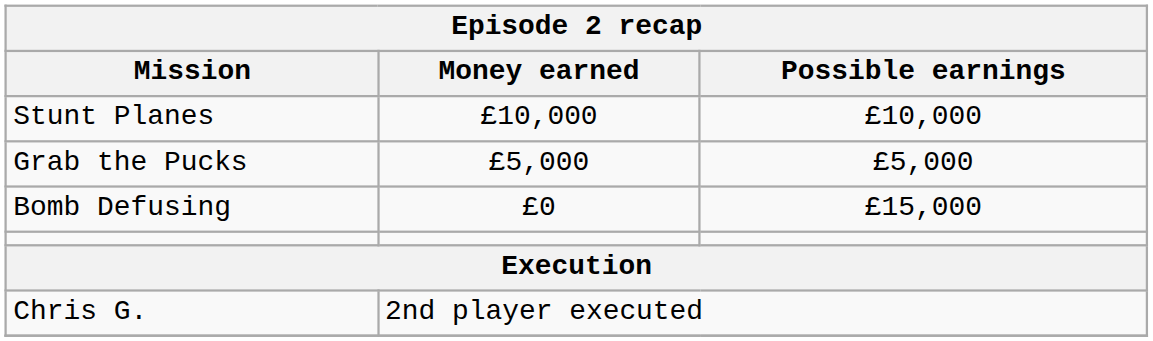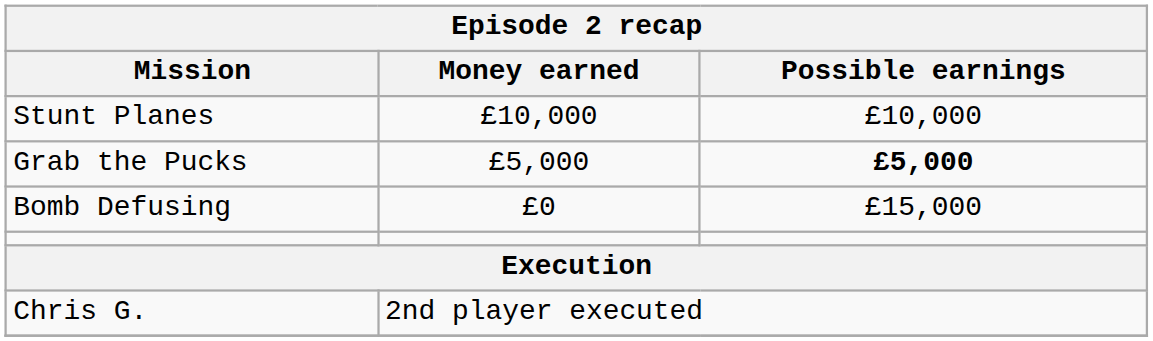 <table class="wikitable" style="font-size: 95%; margin: 10px" align="right" width="40%">
 <tr>
 <th colspan=3>Episode 2 recap</th>
 </tr>
 <tr>
 <th>Mission</th>
 <th>Money earned</th>
 <th>Possible earnings</th>
 </tr>
 <tr>
 <td>Stunt Planes</td>
 <td align="center">£10,000</td>
 <td align="center">£10,000</td>
 </tr>
 <tr>
 <td>Grab the Pucks</td>
 <td align="center">£5,000</td>
-<td align="center">£5,000</td>
+<td align="center"><strong>£5,000</strong></td>
 </tr>
 <tr>
 <td>Bomb Defusing</td>
 <td align="center">£0</td>
 <td align="center">£15,000</td>
 </tr>
 <tr>
 <td><strong></strong></td>
 <td align="center"><strong></strong></td>
 <td align="center"><strong></strong></td>
 </tr>
 <tr>
 <th colspan=3>Execution</th>
 </tr>
 <tr>
 <td>Chris G.</td>
 <td colspan=2>2nd player executed</td>
 </tr>
 <tr>
 </tr>
 </table>
